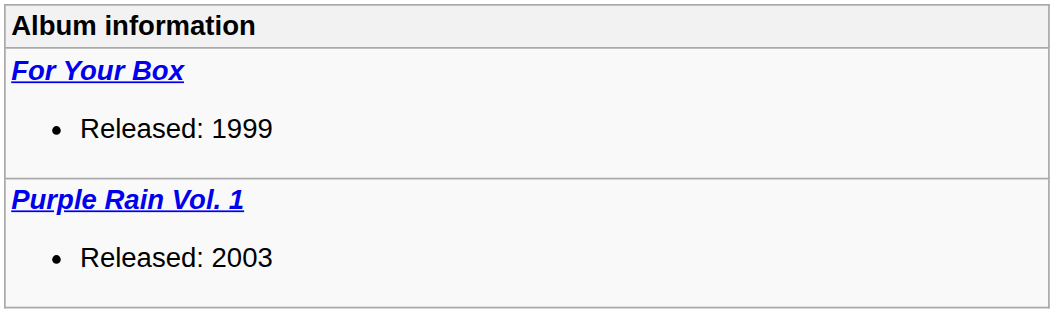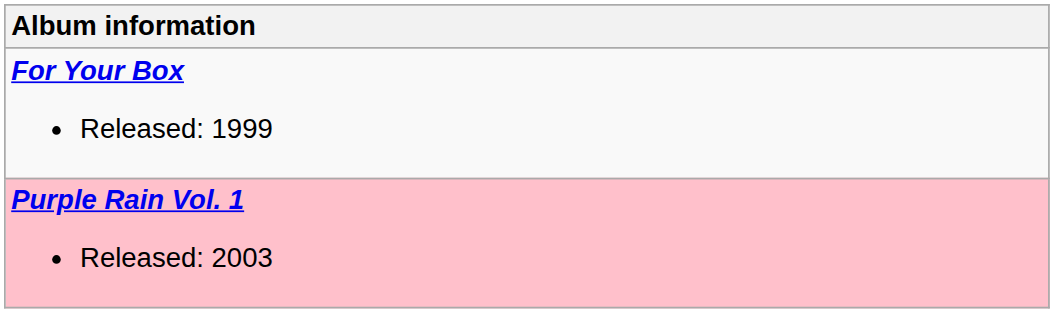 <table class="wikitable">
 <tr>
 <th style="text-align:left; width:600px;">Album information</th>
 </tr>
 <tr>
 <td align="left"><strong><em><a href='#'>For Your Box</a></em></strong><br><ul><li>Released: 1999</li></ul></td>
 </tr>
 <tr>
-<td align="left"><strong><em><a href='#'>Purple Rain Vol. 1</a></em></strong><br><ul><li>Released: 2003</li></ul></td>
+<td align="left" style="background: pink;"><strong><em><a href='#'>Purple Rain Vol. 1</a></em></strong><br><ul><li>Released: 2003</li></ul></td>
 </tr>
 </table>
